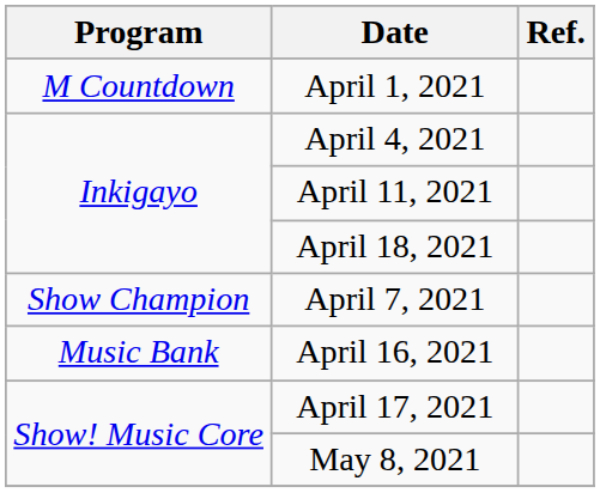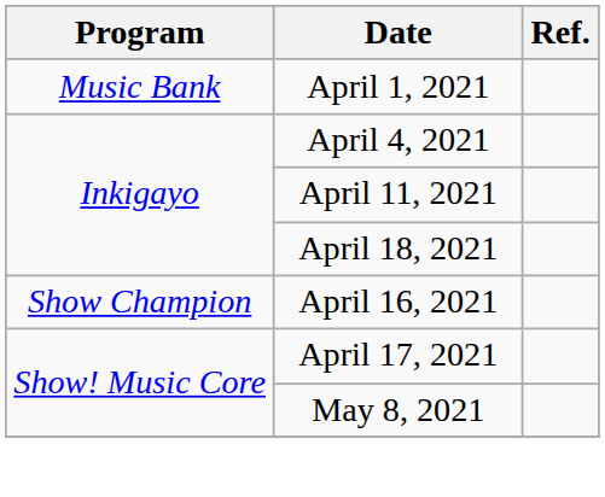 <table class="wikitable sortable" style="text-align:center;">
 <tr>
 <th>Program</th>
 <th style="width:110px;">Date</th>
 <th class="unsortable">Ref.</th>
 </tr>
 <tr>
-<td rowspan="1"><em><a href='#'>M Countdown</a></em></td>
+<td rowspan="1"><em><a href='#'>Music Bank</a></em></td>
 <td>April 1, 2021</td>
 <td></td>
 </tr>
 <tr>
 <td rowspan="3"><em><a href='#'>Inkigayo</a></em></td>
 <td>April 4, 2021</td>
 <td></td>
 </tr>
 <tr>
 <td>April 11, 2021</td>
 <td></td>
 </tr>
 <tr>
 <td>April 18, 2021</td>
 <td></td>
 </tr>
 <tr>
 <td rowspan="1"><em><a href='#'>Show Champion</a></em></td>
-<td>April 7, 2021</td>
-<td></td>
-</tr>
-<tr>
-<td rowspan="1"><em><a href='#'>Music Bank</a></em></td>
 <td>April 16, 2021</td>
 <td></td>
 </tr>
 <tr>
 <td rowspan="2"><em><a href='#'>Show! Music Core</a></em></td>
 <td>April 17, 2021</td>
 <td></td>
 </tr>
 <tr>
 <td>May 8, 2021</td>
 <td></td>
 </tr>
 <tr>
 </tr>
 </table>
